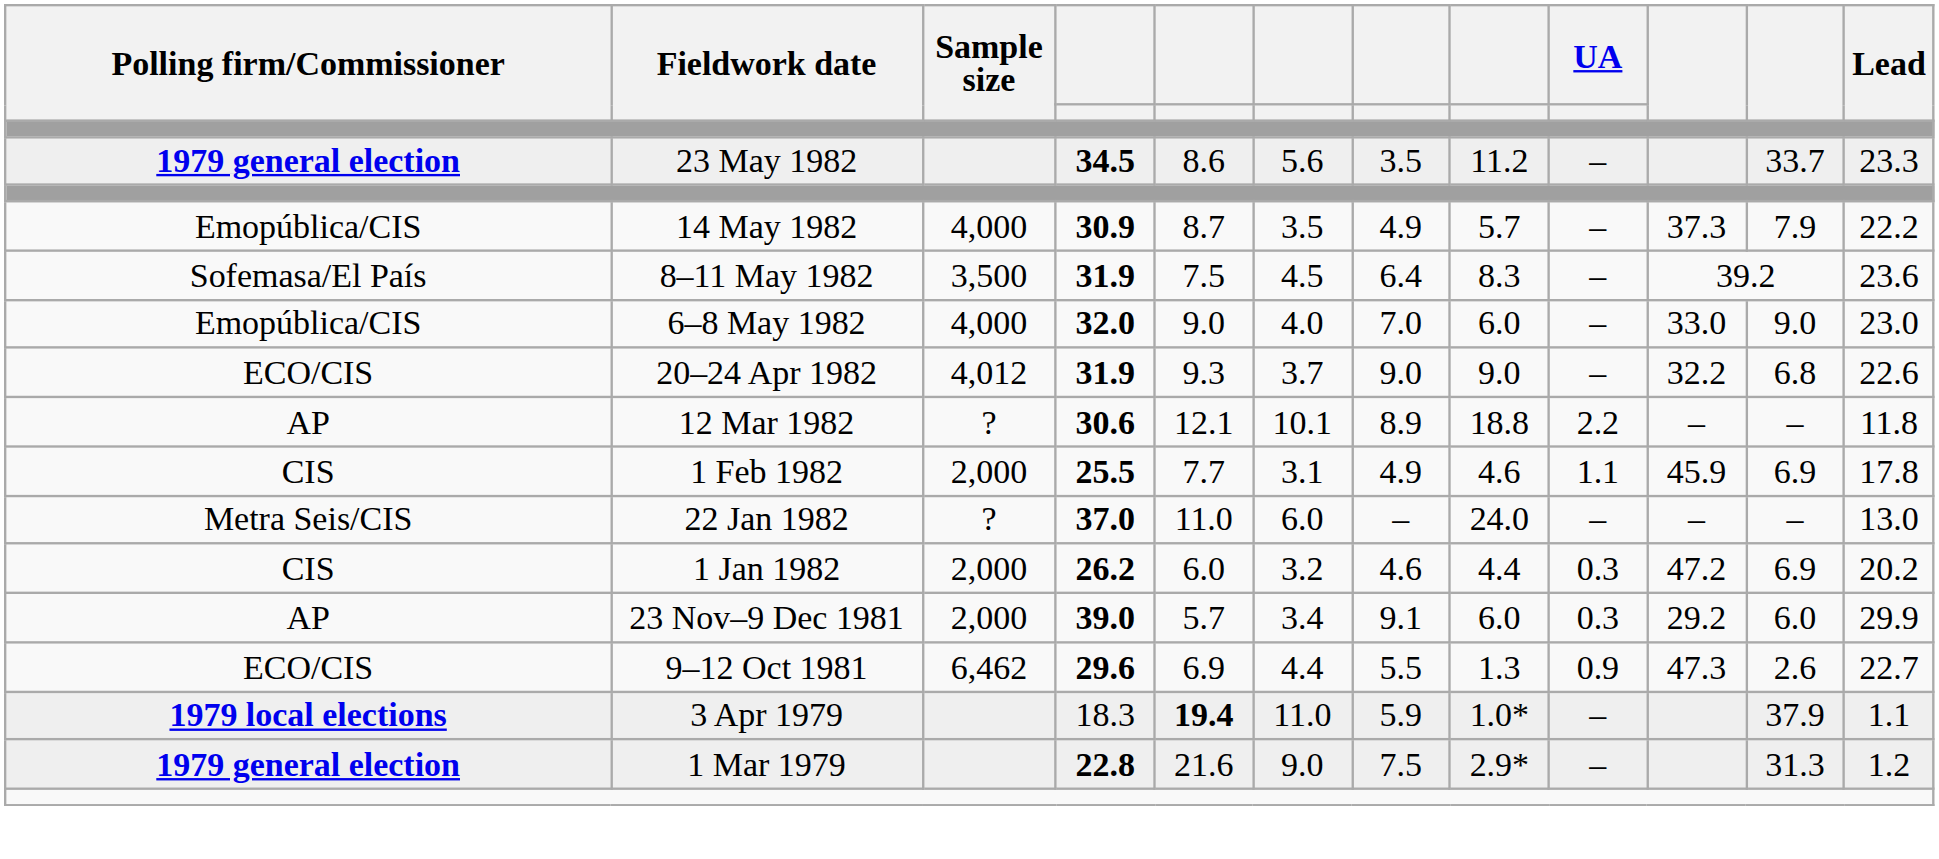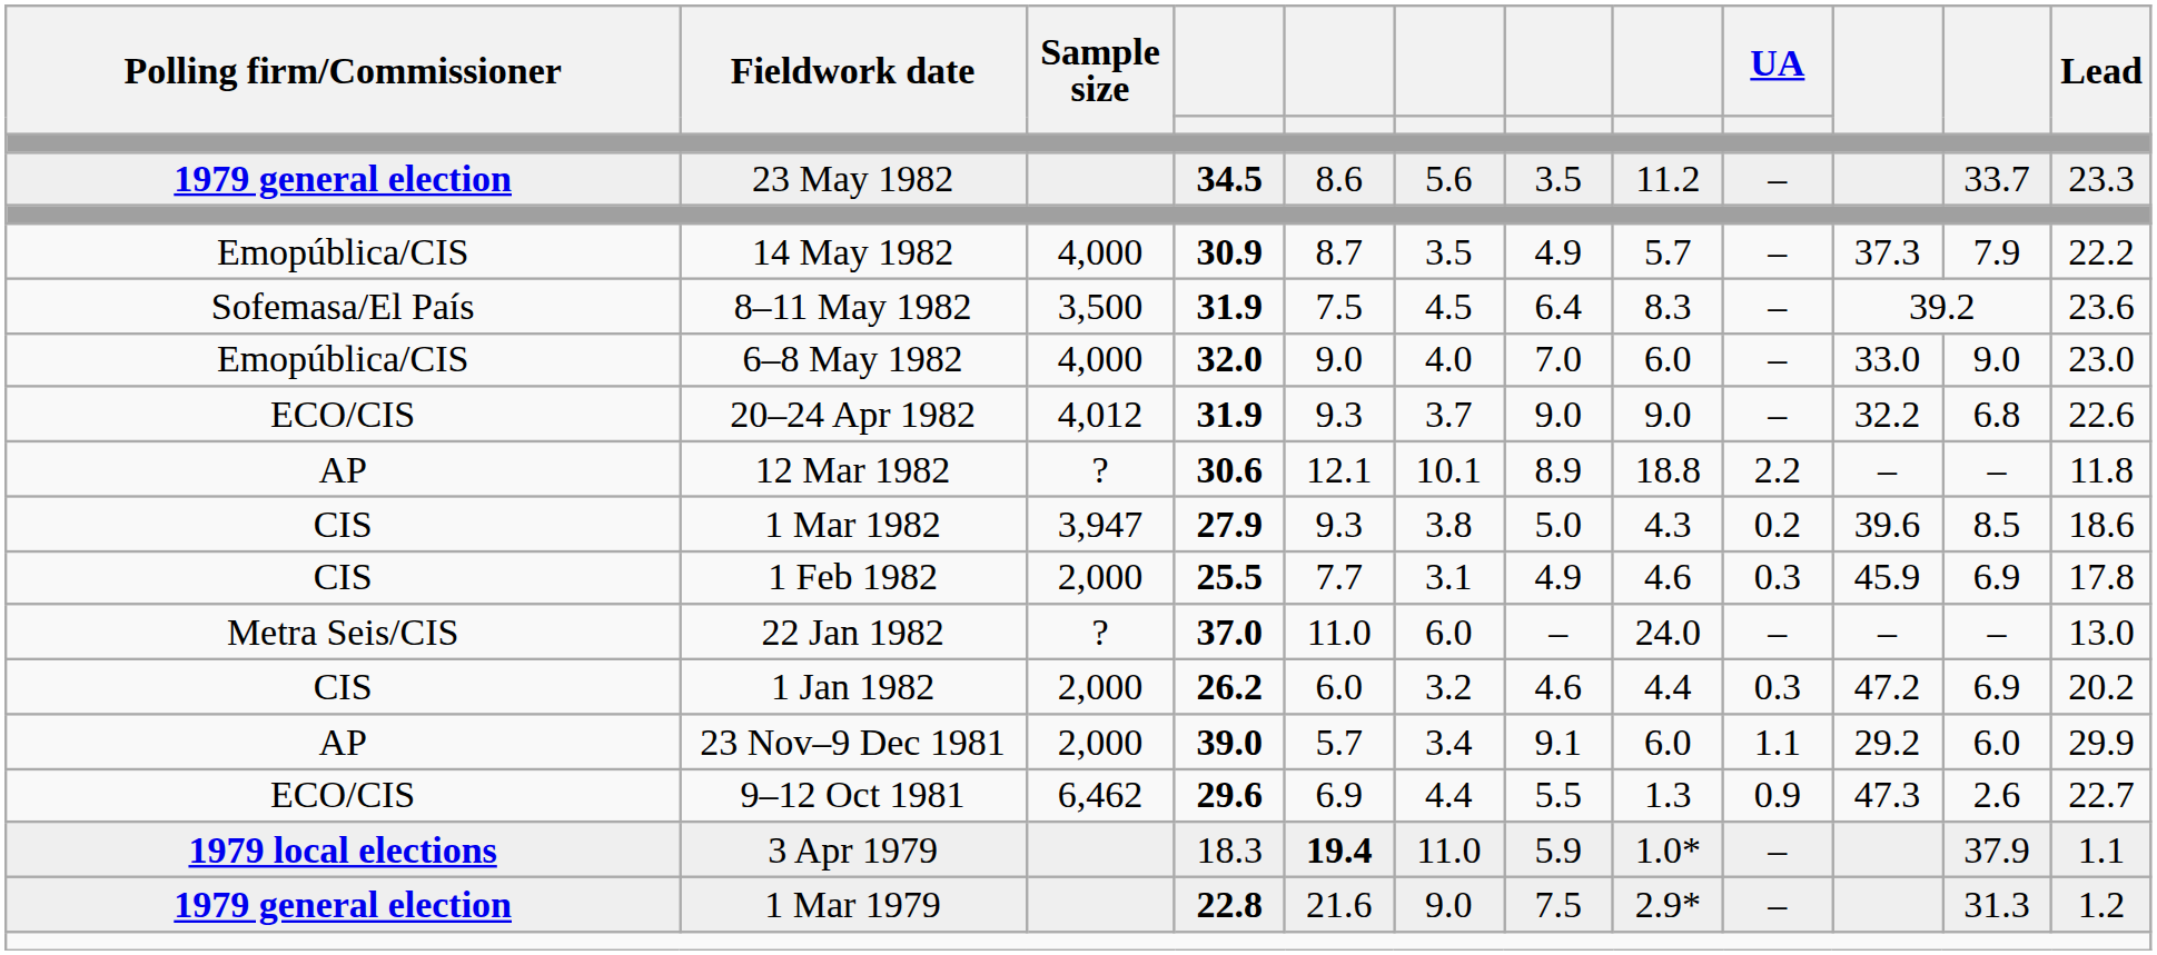 <table class="wikitable collapsible collapsed" style="text-align:center; font-size:90%; line-height:14px;">
 <tr style="height:42px;">
 <th style="width:250px;" rowspan="2">Polling firm/Commissioner</th>
 <th style="width:125px;" rowspan="2">Fieldwork date</th>
 <th style="width:50px;" rowspan="2">Sample size</th>
 <th style="width:35px;"></th>
 <th style="width:35px;"></th>
 <th style="width:35px;"></th>
 <th style="width:35px;"></th>
 <th style="width:35px;"></th>
 <th style="width:35px;"><a href='#'>UA</a></th>
 <th style="width:35px;" rowspan="2"></th>
 <th style="width:35px;" rowspan="2"></th>
 <th style="width:30px;" rowspan="2">Lead</th>
 </tr>
 <tr>
 <th style="color:inherit;background:"></th>
 <th style="color:inherit;background:"></th>
 <th style="color:inherit;background:"></th>
 <th style="color:inherit;background:"></th>
 <th style="color:inherit;background:"></th>
 <th style="color:inherit;background:"></th>
 </tr>
 <tr>
 <td colspan="12" style="background:#A0A0A0"></td>
 </tr>
 <tr style="background:#EFEFEF;">
 <td><strong><a href='#'>1979 general election</a></strong></td>
 <td>23 May 1982</td>
 <td></td>
 <td><strong>34.5</strong></td>
 <td>8.6</td>
 <td>5.6</td>
 <td>3.5</td>
 <td>11.2</td>
 <td>–</td>
 <td></td>
 <td>33.7</td>
 <td style="background:">23.3</td>
 </tr>
 <tr>
 <td colspan="12" style="background:#A0A0A0"></td>
 </tr>
 <tr>
 <td>Emopública/CIS</td>
 <td>14 May 1982</td>
 <td>4,000</td>
 <td><strong>30.9</strong></td>
 <td>8.7</td>
 <td>3.5</td>
 <td>4.9</td>
 <td>5.7</td>
 <td>–</td>
 <td>37.3</td>
 <td>7.9</td>
 <td style="background:">22.2</td>
 </tr>
 <tr>
 <td>Sofemasa/El País</td>
 <td>8–11 May 1982</td>
 <td>3,500</td>
 <td><strong>31.9</strong></td>
 <td>7.5</td>
 <td>4.5</td>
 <td>6.4</td>
 <td>8.3</td>
 <td>–</td>
 <td colspan="2">39.2</td>
 <td style="background:">23.6</td>
 </tr>
 <tr>
 <td>Emopública/CIS</td>
 <td>6–8 May 1982</td>
 <td>4,000</td>
 <td><strong>32.0</strong></td>
 <td>9.0</td>
 <td>4.0</td>
 <td>7.0</td>
 <td>6.0</td>
 <td>–</td>
 <td>33.0</td>
 <td>9.0</td>
 <td style="background:">23.0</td>
 </tr>
 <tr>
 <td>ECO/CIS</td>
 <td>20–24 Apr 1982</td>
 <td>4,012</td>
 <td><strong>31.9</strong></td>
 <td>9.3</td>
 <td>3.7</td>
 <td>9.0</td>
 <td>9.0</td>
 <td>–</td>
 <td>32.2</td>
 <td>6.8</td>
 <td style="background:">22.6</td>
 </tr>
 <tr>
 <td>AP</td>
 <td>12 Mar 1982</td>
 <td>?</td>
 <td><strong>30.6</strong></td>
 <td>12.1</td>
 <td>10.1</td>
 <td>8.9</td>
 <td>18.8</td>
 <td>2.2</td>
 <td>–</td>
 <td>–</td>
 <td style="background:">11.8</td>
 </tr>
 <tr>
 <td>CIS</td>
+<td>1 Mar 1982</td>
+<td>3,947</td>
+<td><strong>27.9</strong></td>
+<td>9.3</td>
+<td>3.8</td>
+<td>5.0</td>
+<td>4.3</td>
+<td>0.2</td>
+<td>39.6</td>
+<td>8.5</td>
+<td style="background:">18.6</td>
+</tr>
+<tr>
+<td>CIS</td>
 <td>1 Feb 1982</td>
 <td>2,000</td>
 <td><strong>25.5</strong></td>
 <td>7.7</td>
 <td>3.1</td>
 <td>4.9</td>
 <td>4.6</td>
-<td>1.1</td>
+<td>0.3</td>
 <td>45.9</td>
 <td>6.9</td>
 <td style="background:">17.8</td>
 </tr>
 <tr>
 <td>Metra Seis/CIS</td>
 <td>22 Jan 1982</td>
 <td>?</td>
 <td><strong>37.0</strong></td>
 <td>11.0</td>
 <td>6.0</td>
 <td>–</td>
 <td>24.0</td>
 <td>–</td>
 <td>–</td>
 <td>–</td>
 <td style="background:">13.0</td>
 </tr>
 <tr>
 <td>CIS</td>
 <td>1 Jan 1982</td>
 <td>2,000</td>
 <td><strong>26.2</strong></td>
 <td>6.0</td>
 <td>3.2</td>
 <td>4.6</td>
 <td>4.4</td>
 <td>0.3</td>
 <td>47.2</td>
 <td>6.9</td>
 <td style="background:">20.2</td>
 </tr>
 <tr>
 <td>AP</td>
 <td>23 Nov–9 Dec 1981</td>
 <td>2,000</td>
 <td><strong>39.0</strong></td>
 <td>5.7</td>
 <td>3.4</td>
 <td>9.1</td>
 <td>6.0</td>
-<td>0.3</td>
+<td>1.1</td>
 <td>29.2</td>
 <td>6.0</td>
 <td style="background:">29.9</td>
 </tr>
 <tr>
 <td>ECO/CIS</td>
 <td>9–12 Oct 1981</td>
 <td>6,462</td>
 <td><strong>29.6</strong></td>
 <td>6.9</td>
 <td>4.4</td>
 <td>5.5</td>
 <td>1.3</td>
 <td>0.9</td>
 <td>47.3</td>
 <td>2.6</td>
 <td style="background:">22.7</td>
 </tr>
 <tr style="background:#EFEFEF;">
 <td><strong><a href='#'>1979 local elections</a></strong></td>
 <td>3 Apr 1979</td>
 <td></td>
 <td>18.3</td>
 <td><strong>19.4</strong></td>
 <td>11.0</td>
 <td>5.9</td>
 <td>1.0*</td>
 <td>–</td>
 <td></td>
 <td>37.9</td>
 <td style="background:">1.1</td>
 </tr>
 <tr style="background:#EFEFEF;">
 <td><strong><a href='#'>1979 general election</a></strong></td>
 <td>1 Mar 1979</td>
 <td></td>
 <td><strong>22.8</strong></td>
 <td>21.6</td>
 <td>9.0</td>
 <td>7.5</td>
 <td>2.9*</td>
 <td>–</td>
 <td></td>
 <td>31.3</td>
 <td style="background:">1.2</td>
 </tr>
 <tr>
 <td align="left" colspan="12"></td>
 </tr>
 </table>
